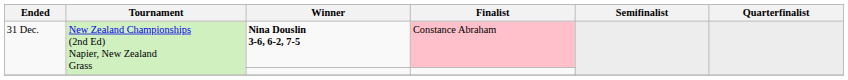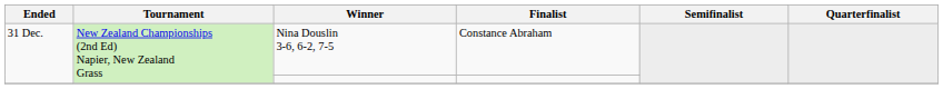 <table class="wikitable" style="font-size:85%;">
 <tr>
 <th width="75">Ended</th>
 <th width="230">Tournament</th>
 <th width="210">Winner</th>
 <th width="210">Finalist</th>
 <th width="170">Semifinalist</th>
 <th width="170">Quarterfinalist</th>
 </tr>
 <tr valign=top>
 <td rowspan=2>31 Dec.</td>
 <td style="background:#d0f0c0" rowspan="2"><a href='#'>New Zealand Championships</a><br>(2nd Ed)<br>Napier, New Zealand<br>Grass</td>
-<td><strong> Nina Douslin<br>3-6, 6-2, 7-5</strong></td>
-<td style="background: pink;"> Constance Abraham</td>
+<td> Nina Douslin<br>3-6, 6-2, 7-5</td>
+<td> Constance Abraham</td>
 <td style="background:#ededed;" rowspan=2></td>
 <td style="background:#ededed;" rowspan=2></td>
 </tr>
 <tr valign=top>
 <td></td>
 <td></td>
 </tr>
 <tr valign=top>
 </tr>
 </table>
